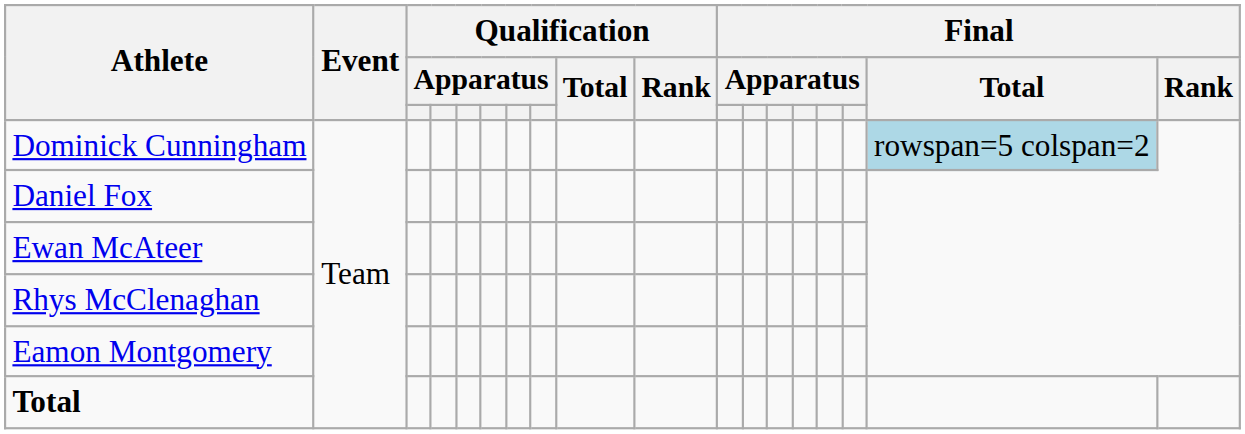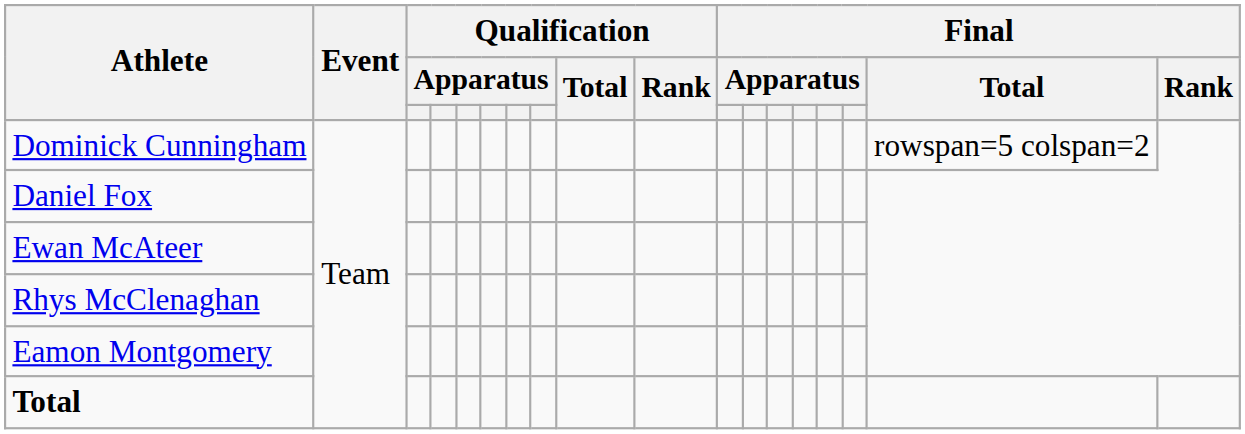 <table class="wikitable" style="font-size:90%">
 <tr>
 <th rowspan=3>Athlete</th>
 <th rowspan=3>Event</th>
 <th colspan =8>Qualification</th>
 <th colspan =8>Final</th>
 </tr>
 <tr style="font-size:95%">
 <th colspan=6>Apparatus</th>
 <th rowspan=2>Total</th>
 <th rowspan=2>Rank</th>
 <th colspan=6>Apparatus</th>
 <th rowspan=2>Total</th>
 <th rowspan=2>Rank</th>
 </tr>
 <tr style="font-size:95%">
 <th></th>
 <th></th>
 <th></th>
 <th></th>
 <th></th>
 <th></th>
 <th></th>
 <th></th>
 <th></th>
 <th></th>
 <th></th>
 <th></th>
 </tr>
 <tr align=center>
 <td align=left><a href='#'>Dominick Cunningham</a></td>
 <td align=left rowspan=6>Team</td>
 <td></td>
 <td></td>
 <td></td>
 <td></td>
 <td></td>
 <td></td>
 <td></td>
 <td></td>
 <td></td>
 <td></td>
 <td></td>
 <td></td>
 <td></td>
 <td></td>
-<td style="background: lightblue;">rowspan=5 colspan=2</td>
+<td>rowspan=5 colspan=2</td>
 </tr>
 <tr align=center>
 <td align=left><a href='#'>Daniel Fox</a></td>
 <td></td>
 <td></td>
 <td></td>
 <td></td>
 <td></td>
 <td></td>
 <td></td>
 <td></td>
 <td></td>
 <td></td>
 <td></td>
 <td></td>
 <td></td>
 <td></td>
 </tr>
 <tr align=center>
 <td align=left><a href='#'>Ewan McAteer</a></td>
 <td></td>
 <td></td>
 <td></td>
 <td></td>
 <td></td>
 <td></td>
 <td></td>
 <td></td>
 <td></td>
 <td></td>
 <td></td>
 <td></td>
 <td></td>
 <td></td>
 </tr>
 <tr align=center>
 <td align=left><a href='#'>Rhys McClenaghan</a></td>
 <td></td>
 <td></td>
 <td></td>
 <td></td>
 <td></td>
 <td></td>
 <td></td>
 <td></td>
 <td></td>
 <td></td>
 <td></td>
 <td></td>
 <td></td>
 <td></td>
 </tr>
 <tr align=center>
 <td align=left><a href='#'>Eamon Montgomery</a></td>
 <td></td>
 <td></td>
 <td></td>
 <td></td>
 <td></td>
 <td></td>
 <td></td>
 <td></td>
 <td></td>
 <td></td>
 <td></td>
 <td></td>
 <td></td>
 <td></td>
 </tr>
 <tr align=center>
 <td align=left><strong>Total</strong></td>
 <td></td>
 <td></td>
 <td></td>
 <td></td>
 <td></td>
 <td></td>
 <td></td>
 <td></td>
 <td></td>
 <td></td>
 <td></td>
 <td></td>
 <td></td>
 <td></td>
 <td></td>
 <td></td>
 </tr>
 </table>
